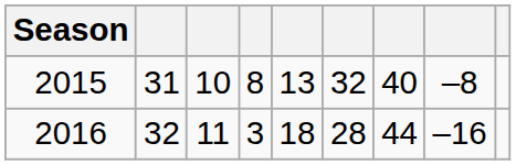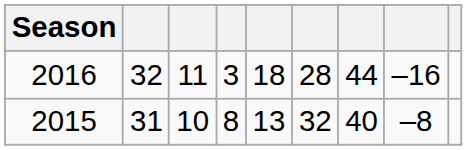 <table class="wikitable" style="text-align:center;">
 <tr>
 <th>Season</th>
 <th></th>
 <th></th>
 <th></th>
 <th></th>
 <th></th>
 <th></th>
 <th></th>
 <th></th>
 </tr>
 <tr>
+<td>2016</td>
+<td>32</td>
+<td>11</td>
+<td>3</td>
+<td>18</td>
+<td>28</td>
+<td>44</td>
+<td>–16</td>
+<td></td>
+</tr>
+<tr>
 <td>2015</td>
 <td>31</td>
 <td>10</td>
 <td>8</td>
 <td>13</td>
 <td>32</td>
 <td>40</td>
 <td>–8</td>
 <td></td>
 </tr>
-<tr>
-<td>2016</td>
-<td>32</td>
-<td>11</td>
-<td>3</td>
-<td>18</td>
-<td>28</td>
-<td>44</td>
-<td>–16</td>
-<td></td>
-</tr>
 </table>
